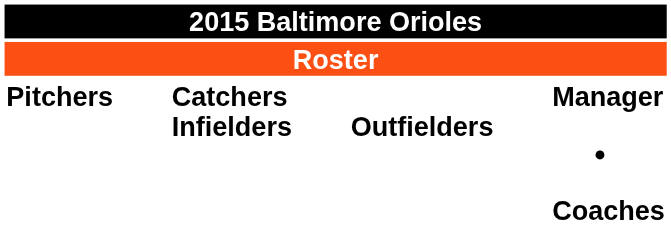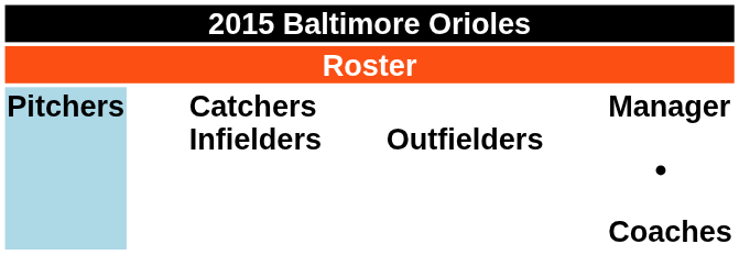 <table class="toccolours" style="font-size: 95%;">
 <tr>
 <th colspan="10" style="background:black; color:#fff; text-align:center;">2015 Baltimore Orioles</th>
 </tr>
 <tr>
 <td colspan="10" style="background:#fb4f14; color:white; text-align:center;"><strong>Roster</strong></td>
 </tr>
 <tr>
-<td valign="top"><strong>Pitchers</strong><br>                     </td>
+<td valign="top" style="background: lightblue;"><strong>Pitchers</strong><br>                     </td>
 <td style="width:25px;"></td>
 <td valign="top"><strong>Catchers</strong><br>    <strong>Infielders</strong>           </td>
 <td style="width:25px;"></td>
 <td valign="top"><br><strong>Outfielders</strong>           </td>
 <td style="width:25px;"></td>
 <td valign="top"><strong>Manager</strong><br><ul><li></li></ul><strong>Coaches</strong>                </td>
 </tr>
 </table>
